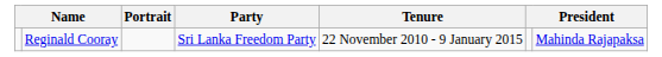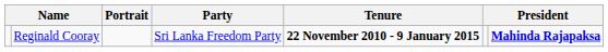 <table class="wikitable" style="margin:1em auto; font-size:90%; text-align:center;">
 <tr>
 <th colspan="2">Name</th>
 <th>Portrait</th>
 <th>Party</th>
 <th>Tenure</th>
 <th colspan="2">President</th>
 </tr>
 <tr>
 <td !align="centre" style="background:"></td>
 <td><a href='#'>Reginald Cooray</a></td>
 <td></td>
 <td><a href='#'>Sri Lanka Freedom Party</a></td>
-<td>22 November 2010 - 9 January 2015</td>
+<td><strong>22 November 2010 - 9 January 2015</strong></td>
 <td !align="center" style="background:"></td>
-<td><a href='#'>Mahinda Rajapaksa</a></td>
+<td><strong><a href='#'>Mahinda Rajapaksa</a></strong></td>
 </tr>
 </table>
